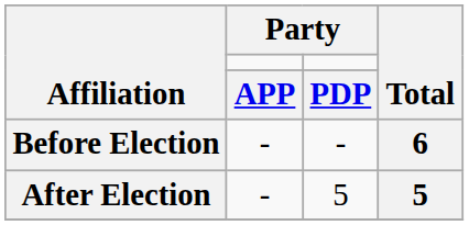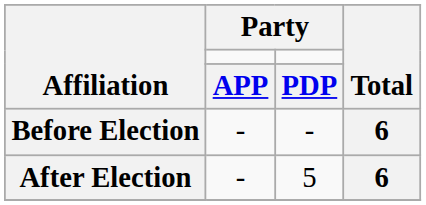 <table class=wikitable style="text-align:center">
 <tr style="vertical-align:bottom;">
 <th rowspan=3>Affiliation</th>
 <th colspan=2>Party</th>
 <th rowspan=3>Total</th>
 </tr>
 <tr>
 <td style="background-color:"></td>
 <td style="background-color:"></td>
 </tr>
 <tr>
 <th><a href='#'>APP</a></th>
 <th><a href='#'>PDP</a></th>
 </tr>
 <tr>
 <th>Before Election</th>
 <td>-</td>
 <td>-</td>
 <th>6</th>
 </tr>
 <tr>
 <th>After Election</th>
 <td>-</td>
 <td>5</td>
-<th>5</th>
+<th>6</th>
 </tr>
 <tr>
 </tr>
 </table>
